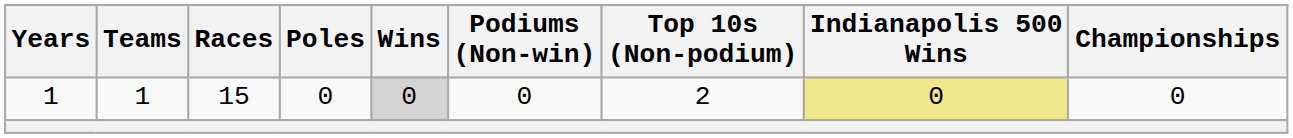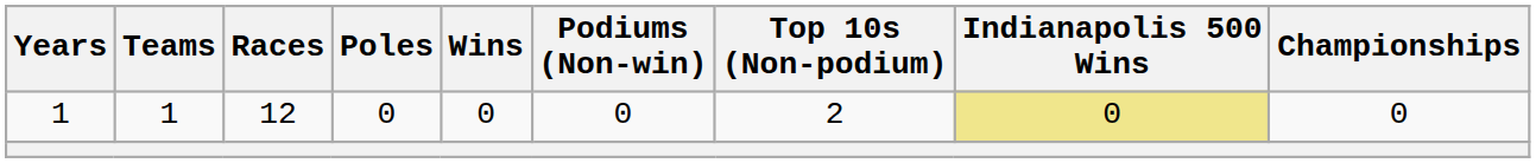 <table class="wikitable" style="text-align:center; font-size:95%">
 <tr>
 <th>Years</th>
 <th>Teams</th>
 <th>Races</th>
 <th>Poles</th>
 <th>Wins</th>
 <th>Podiums<br>(Non-win)</th>
 <th>Top 10s<br>(Non-podium)</th>
 <th>Indianapolis 500<br>Wins</th>
 <th>Championships</th>
 </tr>
 <tr>
 <td>1</td>
 <td>1</td>
-<td>15</td>
+<td>12</td>
 <td>0</td>
-<td style="background: lightgrey;">0</td>
+<td>0</td>
 <td>0</td>
 <td>2</td>
 <td style="background: khaki;">0</td>
 <td>0</td>
 </tr>
 <tr>
 <th colspan="9"></th>
 </tr>
 </table>
